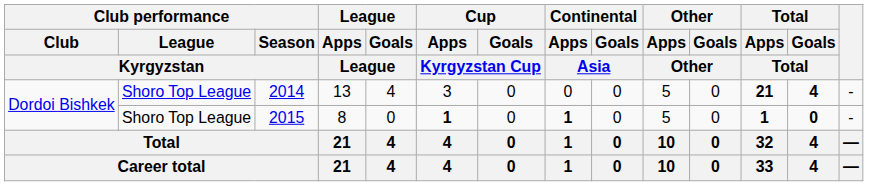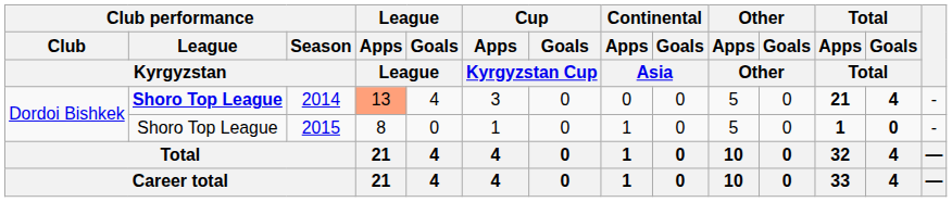 <table class="wikitable" style="text-align: center">
 <tr>
 <th Colspan="3">Club performance</th>
 <th Colspan="2">League</th>
 <th Colspan="2">Cup</th>
 <th Colspan="2">Continental</th>
 <th Colspan="2">Other</th>
 <th Colspan="2">Total</th>
 <th rowspan="3"></th>
 </tr>
 <tr>
 <th>Club</th>
 <th>League</th>
 <th>Season</th>
 <th>Apps</th>
 <th>Goals</th>
 <th>Apps</th>
 <th>Goals</th>
 <th>Apps</th>
 <th>Goals</th>
 <th>Apps</th>
 <th>Goals</th>
 <th>Apps</th>
 <th>Goals</th>
 </tr>
 <tr>
 <th Colspan="3">Kyrgyzstan</th>
 <th Colspan="2">League</th>
 <th Colspan="2"><a href='#'>Kyrgyzstan Cup</a></th>
 <th Colspan="2"><a href='#'>Asia</a></th>
 <th Colspan="2">Other</th>
 <th Colspan="2">Total</th>
 </tr>
 <tr>
 <td rowspan="2"><a href='#'>Dordoi Bishkek</a></td>
-<td><a href='#'>Shoro Top League</a></td>
+<td><strong><a href='#'>Shoro Top League</a></strong></td>
 <td><a href='#'>2014</a></td>
-<td>13</td>
+<td style="background: lightsalmon;">13</td>
 <td>4</td>
 <td>3</td>
 <td>0</td>
 <td>0</td>
 <td>0</td>
 <td>5</td>
 <td>0</td>
 <td><strong>21</strong></td>
 <td><strong>4</strong></td>
 <td>-</td>
 </tr>
 <tr>
 <td>Shoro Top League</td>
 <td><a href='#'>2015</a></td>
 <td>8</td>
 <td>0</td>
-<td><strong>1</strong></td>
+<td>1</td>
 <td>0</td>
-<td><strong>1</strong></td>
+<td>1</td>
 <td>0</td>
 <td>5</td>
 <td>0</td>
 <td><strong>1</strong></td>
 <td><strong>0</strong></td>
 <td>-</td>
 </tr>
 <tr>
 <th Colspan="3">Total</th>
 <th>21</th>
 <th>4</th>
 <th>4</th>
 <th>0</th>
 <th>1</th>
 <th>0</th>
 <th>10</th>
 <th>0</th>
 <th>32</th>
 <th>4</th>
 <th>—</th>
 </tr>
 <tr>
 <th Colspan="3">Career total</th>
 <th>21</th>
 <th>4</th>
 <th>4</th>
 <th>0</th>
 <th>1</th>
 <th>0</th>
 <th>10</th>
 <th>0</th>
 <th>33</th>
 <th>4</th>
 <th>—</th>
 </tr>
 </table>
